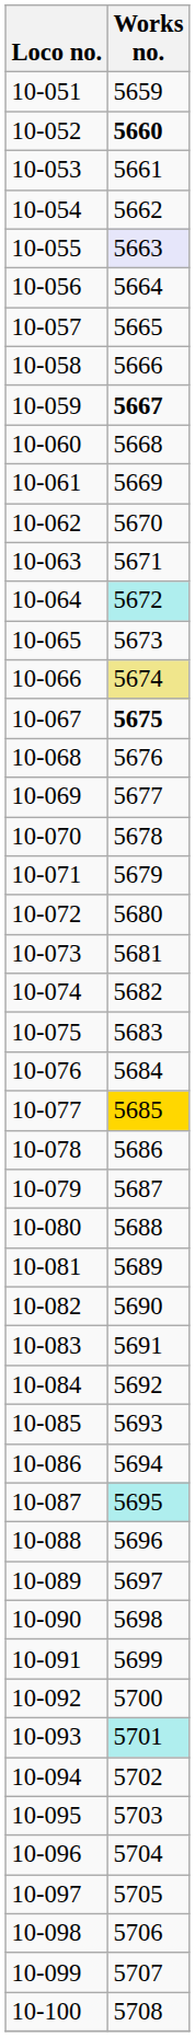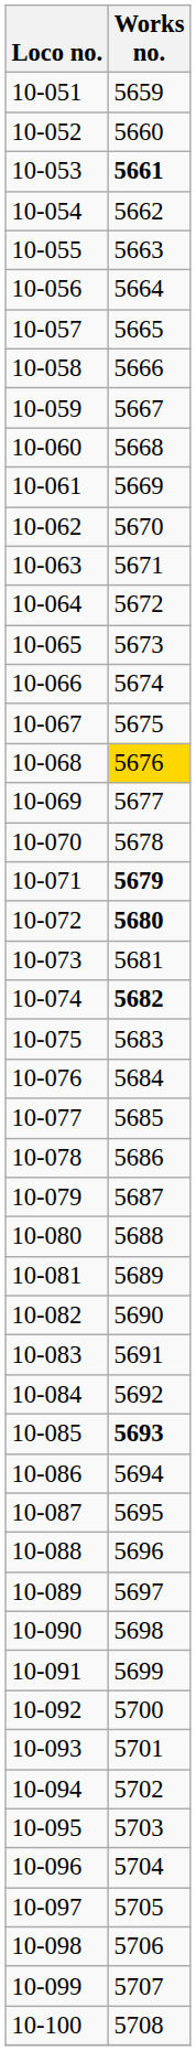 <table class="wikitable collapsible collapsed sortable" style="margin:0.5em auto; font-size:100%;">
 <tr>
 <th><br>Loco no.</th>
 <th>Works<br>no.</th>
 </tr>
 <tr>
 <td>10-051</td>
 <td>5659</td>
 </tr>
 <tr>
 <td>10-052</td>
-<td><strong>5660</strong></td>
+<td>5660</td>
 </tr>
 <tr>
 <td>10-053</td>
-<td>5661</td>
+<td><strong>5661</strong></td>
 </tr>
 <tr>
 <td>10-054</td>
 <td>5662</td>
 </tr>
 <tr>
 <td>10-055</td>
-<td style="background: lavender;">5663</td>
+<td>5663</td>
 </tr>
 <tr>
 <td>10-056</td>
 <td>5664</td>
 </tr>
 <tr>
 <td>10-057</td>
 <td>5665</td>
 </tr>
 <tr>
 <td>10-058</td>
 <td>5666</td>
 </tr>
 <tr>
 <td>10-059</td>
-<td><strong>5667</strong></td>
+<td>5667</td>
 </tr>
 <tr>
 <td>10-060</td>
 <td>5668</td>
 </tr>
 <tr>
 <td>10-061</td>
 <td>5669</td>
 </tr>
 <tr>
 <td>10-062</td>
 <td>5670</td>
 </tr>
 <tr>
 <td>10-063</td>
 <td>5671</td>
 </tr>
 <tr>
 <td>10-064</td>
-<td style="background: paleturquoise;">5672</td>
+<td>5672</td>
 </tr>
 <tr>
 <td>10-065</td>
 <td>5673</td>
 </tr>
 <tr>
 <td>10-066</td>
-<td style="background: khaki;">5674</td>
+<td>5674</td>
 </tr>
 <tr>
 <td>10-067</td>
-<td><strong>5675</strong></td>
+<td>5675</td>
 </tr>
 <tr>
 <td>10-068</td>
-<td>5676</td>
+<td style="background: gold;">5676</td>
 </tr>
 <tr>
 <td>10-069</td>
 <td>5677</td>
 </tr>
 <tr>
 <td>10-070</td>
 <td>5678</td>
 </tr>
 <tr>
 <td>10-071</td>
-<td>5679</td>
+<td><strong>5679</strong></td>
 </tr>
 <tr>
 <td>10-072</td>
-<td>5680</td>
+<td><strong>5680</strong></td>
 </tr>
 <tr>
 <td>10-073</td>
 <td>5681</td>
 </tr>
 <tr>
 <td>10-074</td>
-<td>5682</td>
+<td><strong>5682</strong></td>
 </tr>
 <tr>
 <td>10-075</td>
 <td>5683</td>
 </tr>
 <tr>
 <td>10-076</td>
 <td>5684</td>
 </tr>
 <tr>
 <td>10-077</td>
-<td style="background: gold;">5685</td>
+<td>5685</td>
 </tr>
 <tr>
 <td>10-078</td>
 <td>5686</td>
 </tr>
 <tr>
 <td>10-079</td>
 <td>5687</td>
 </tr>
 <tr>
 <td>10-080</td>
 <td>5688</td>
 </tr>
 <tr>
 <td>10-081</td>
 <td>5689</td>
 </tr>
 <tr>
 <td>10-082</td>
 <td>5690</td>
 </tr>
 <tr>
 <td>10-083</td>
 <td>5691</td>
 </tr>
 <tr>
 <td>10-084</td>
 <td>5692</td>
 </tr>
 <tr>
 <td>10-085</td>
-<td>5693</td>
+<td><strong>5693</strong></td>
 </tr>
 <tr>
 <td>10-086</td>
 <td>5694</td>
 </tr>
 <tr>
 <td>10-087</td>
-<td style="background: paleturquoise;">5695</td>
+<td>5695</td>
 </tr>
 <tr>
 <td>10-088</td>
 <td>5696</td>
 </tr>
 <tr>
 <td>10-089</td>
 <td>5697</td>
 </tr>
 <tr>
 <td>10-090</td>
 <td>5698</td>
 </tr>
 <tr>
 <td>10-091</td>
 <td>5699</td>
 </tr>
 <tr>
 <td>10-092</td>
 <td>5700</td>
 </tr>
 <tr>
 <td>10-093</td>
-<td style="background: paleturquoise;">5701</td>
+<td>5701</td>
 </tr>
 <tr>
 <td>10-094</td>
 <td>5702</td>
 </tr>
 <tr>
 <td>10-095</td>
 <td>5703</td>
 </tr>
 <tr>
 <td>10-096</td>
 <td>5704</td>
 </tr>
 <tr>
 <td>10-097</td>
 <td>5705</td>
 </tr>
 <tr>
 <td>10-098</td>
 <td>5706</td>
 </tr>
 <tr>
 <td>10-099</td>
 <td>5707</td>
 </tr>
 <tr>
 <td>10-100</td>
 <td>5708</td>
 </tr>
 <tr>
 </tr>
 </table>
